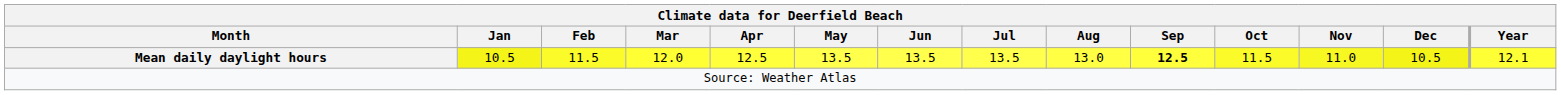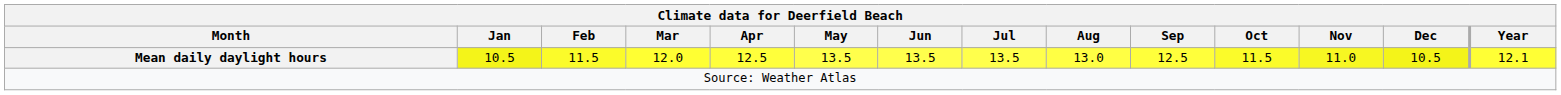 <table style="width:100%;text-align:center;line-height:1.2em;margin-left:auto;margin-right:auto" class="wikitable mw-collapsible">
 <tr>
 <th Colspan=14>Climate data for Deerfield Beach</th>
 </tr>
 <tr>
 <th>Month</th>
 <th>Jan</th>
 <th>Feb</th>
 <th>Mar</th>
 <th>Apr</th>
 <th>May</th>
 <th>Jun</th>
 <th>Jul</th>
 <th>Aug</th>
 <th>Sep</th>
 <th>Oct</th>
 <th>Nov</th>
 <th>Dec</th>
 <th style="border-left-width:medium">Year</th>
 </tr>
 <tr>
 <th>Mean daily daylight hours</th>
 <td style="background:#F4F419;color:#000000;">10.5</td>
 <td style="background:#FBFB2A;color:#000000;">11.5</td>
 <td style="background:#FFFF33;color:#000000;">12.0</td>
 <td style="background:#FFFF3B;color:#000000;">12.5</td>
 <td style="background:#FFFF4C;color:#000000;">13.5</td>
 <td style="background:#FFFF4C;color:#000000;">13.5</td>
 <td style="background:#FFFF4C;color:#000000;">13.5</td>
 <td style="background:#FFFF44;color:#000000;">13.0</td>
-<td style="background:#FFFF3B;color:#000000;"><strong>12.5</strong></td>
+<td style="background:#FFFF3B;color:#000000;">12.5</td>
 <td style="background:#FBFB2A;color:#000000;">11.5</td>
 <td style="background:#F7F722;color:#000000;">11.0</td>
 <td style="background:#F4F419;color:#000000;">10.5</td>
 <td style="background:#FFFF35;color:#000000;border-left-width:medium">12.1</td>
 </tr>
 <tr>
 <th Colspan=14 style="background:#f8f9fa;font-weight:normal;font-size:95%;">Source: Weather Atlas</th>
 </tr>
 </table>
